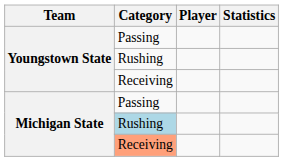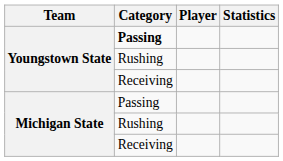 <table class="wikitable" style="float:right">
 <tr>
 <th>Team</th>
 <th>Category</th>
 <th>Player</th>
 <th>Statistics</th>
 </tr>
 <tr>
 <th rowspan=3>Youngstown State</th>
-<td>Passing</td>
+<td><strong>Passing</strong></td>
 <td></td>
 <td></td>
 </tr>
 <tr>
 <td>Rushing</td>
 <td></td>
 <td></td>
 </tr>
 <tr>
 <td>Receiving</td>
 <td></td>
 <td></td>
 </tr>
 <tr>
 <th rowspan=3>Michigan State</th>
 <td>Passing</td>
 <td></td>
 <td></td>
 </tr>
 <tr>
-<td style="background: lightblue;">Rushing</td>
+<td>Rushing</td>
 <td></td>
 <td></td>
 </tr>
 <tr>
-<td style="background: lightsalmon;">Receiving</td>
+<td>Receiving</td>
 <td></td>
 <td></td>
 </tr>
 </table>
